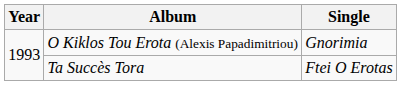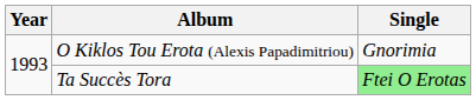 <table class="wikitable">
 <tr>
 <th>Year</th>
 <th>Album</th>
 <th>Single</th>
 </tr>
 <tr>
 <td rowspan="2">1993</td>
 <td><em>O Kiklos Tou Erota</em> <small>(Alexis Papadimitriou)</small></td>
 <td><em>Gnorimia</em></td>
 </tr>
 <tr>
 <td><em>Ta Succès Tora</em></td>
-<td><em>Ftei O Erotas</em></td>
+<td style="background: lightgreen;"><em>Ftei O Erotas</em></td>
 </tr>
 </table>
